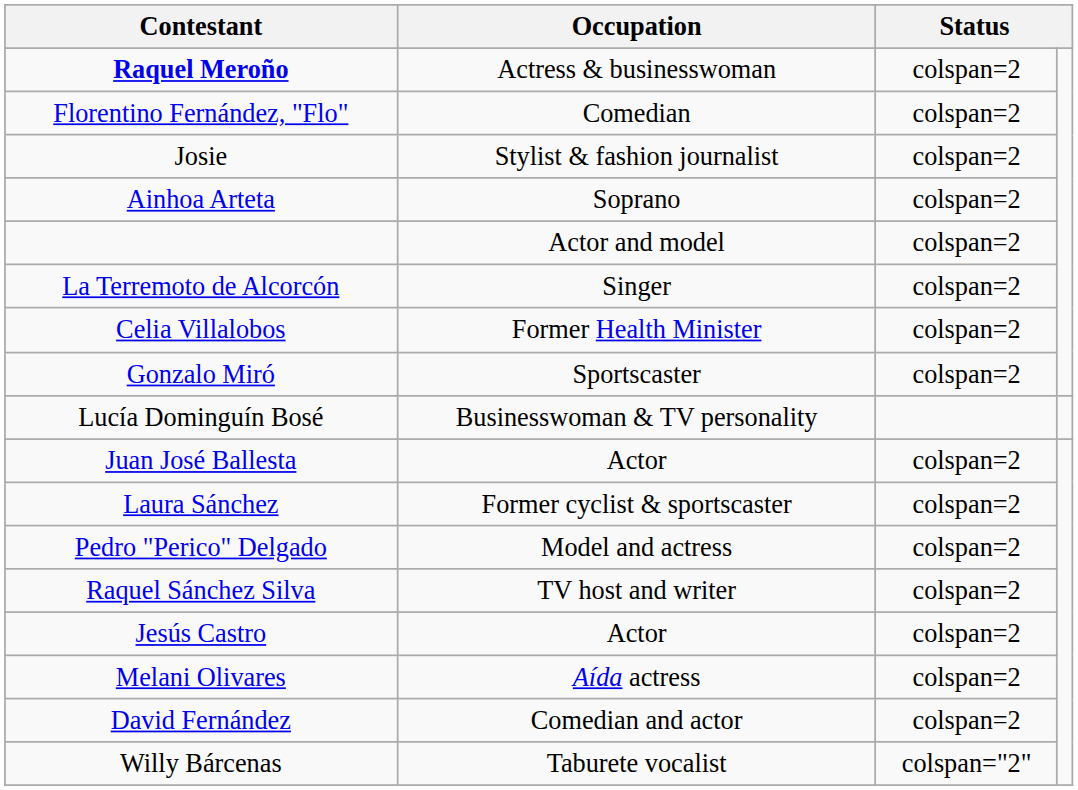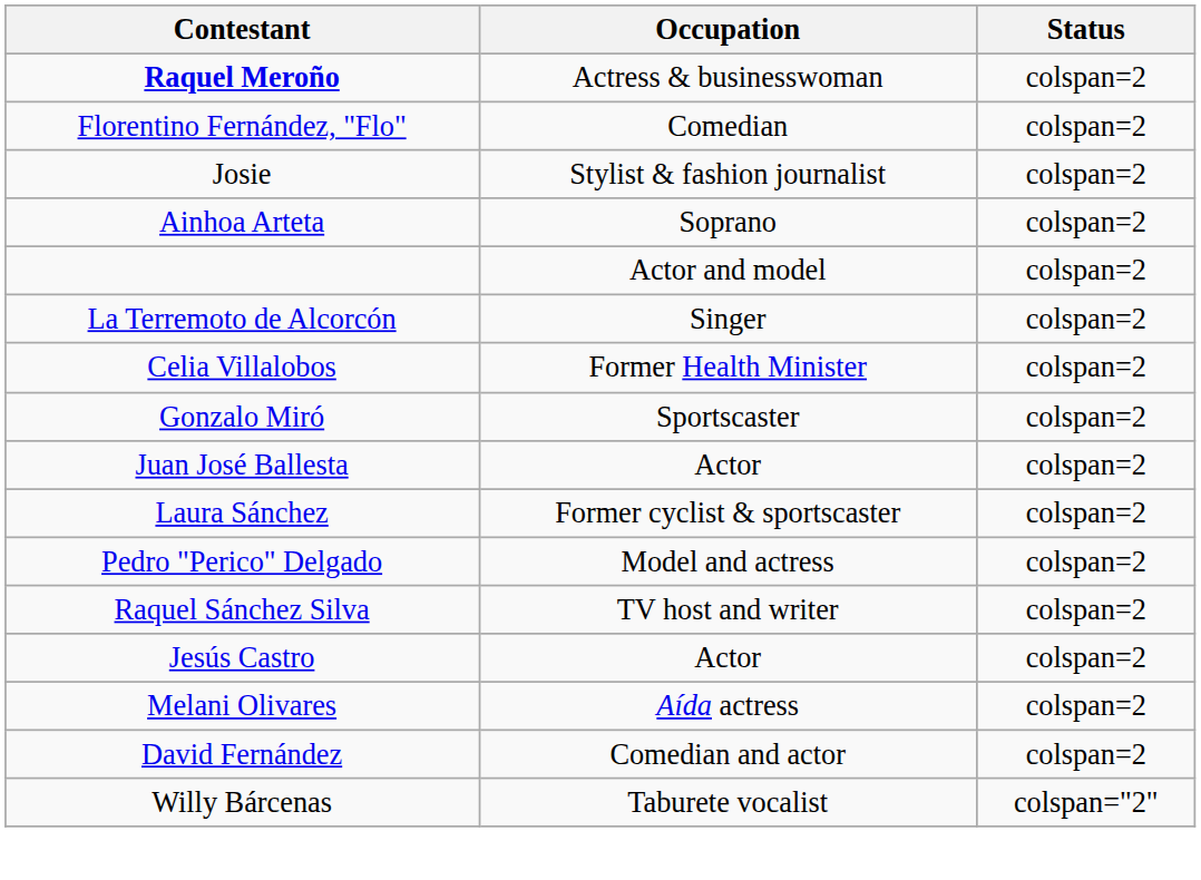 <table class="wikitable" style="margin:auto; text-align:center; width:70%; font-size:95%">
 <tr>
 <th>Contestant</th>
 <th>Occupation</th>
 <th colspan=2>Status</th>
 </tr>
 <tr>
 <td><strong><a href='#'>Raquel Meroño</a></strong></td>
 <td>Actress & businesswoman</td>
 <td>colspan=2 </td>
 </tr>
 <tr>
 <td><a href='#'>Florentino Fernández, "Flo"</a></td>
 <td>Comedian</td>
 <td>colspan=2 </td>
 </tr>
 <tr>
 <td>Josie</td>
 <td>Stylist & fashion journalist</td>
 <td>colspan=2 </td>
 </tr>
 <tr>
 <td><a href='#'>Ainhoa Arteta</a></td>
 <td>Soprano</td>
 <td>colspan=2 </td>
 </tr>
 <tr>
 <td></td>
 <td>Actor and model</td>
 <td>colspan=2 </td>
 </tr>
 <tr>
 <td><a href='#'>La Terremoto de Alcorcón</a></td>
 <td>Singer</td>
 <td>colspan=2 </td>
 </tr>
 <tr>
 <td><a href='#'>Celia Villalobos</a></td>
 <td>Former <a href='#'>Health Minister</a></td>
 <td>colspan=2 </td>
 </tr>
 <tr>
 <td><a href='#'>Gonzalo Miró</a></td>
 <td>Sportscaster</td>
 <td>colspan=2 </td>
 </tr>
 <tr>
-<td>Lucía Dominguín Bosé</td>
-<td>Businesswoman & TV personality</td>
-<td></td>
-<td></td>
-</tr>
-<tr>
 <td><a href='#'>Juan José Ballesta</a></td>
 <td>Actor</td>
 <td>colspan=2 </td>
 </tr>
 <tr>
 <td><a href='#'>Laura Sánchez</a></td>
 <td>Former cyclist & sportscaster</td>
 <td>colspan=2 </td>
 </tr>
 <tr>
 <td><a href='#'>Pedro "Perico" Delgado</a></td>
 <td>Model and actress</td>
 <td>colspan=2 </td>
 </tr>
 <tr>
 <td><a href='#'>Raquel Sánchez Silva</a></td>
 <td>TV host and writer</td>
 <td>colspan=2 </td>
 </tr>
 <tr>
 <td><a href='#'>Jesús Castro</a></td>
 <td>Actor</td>
 <td>colspan=2 </td>
 </tr>
 <tr>
 <td><a href='#'>Melani Olivares</a></td>
 <td><em><a href='#'>Aída</a></em> actress</td>
 <td>colspan=2 </td>
 </tr>
 <tr>
 <td><a href='#'>David Fernández</a></td>
 <td>Comedian and actor</td>
 <td>colspan=2 </td>
 </tr>
 <tr>
 <td>Willy Bárcenas</td>
 <td>Taburete vocalist</td>
 <td>colspan="2" </td>
 </tr>
 </table>
